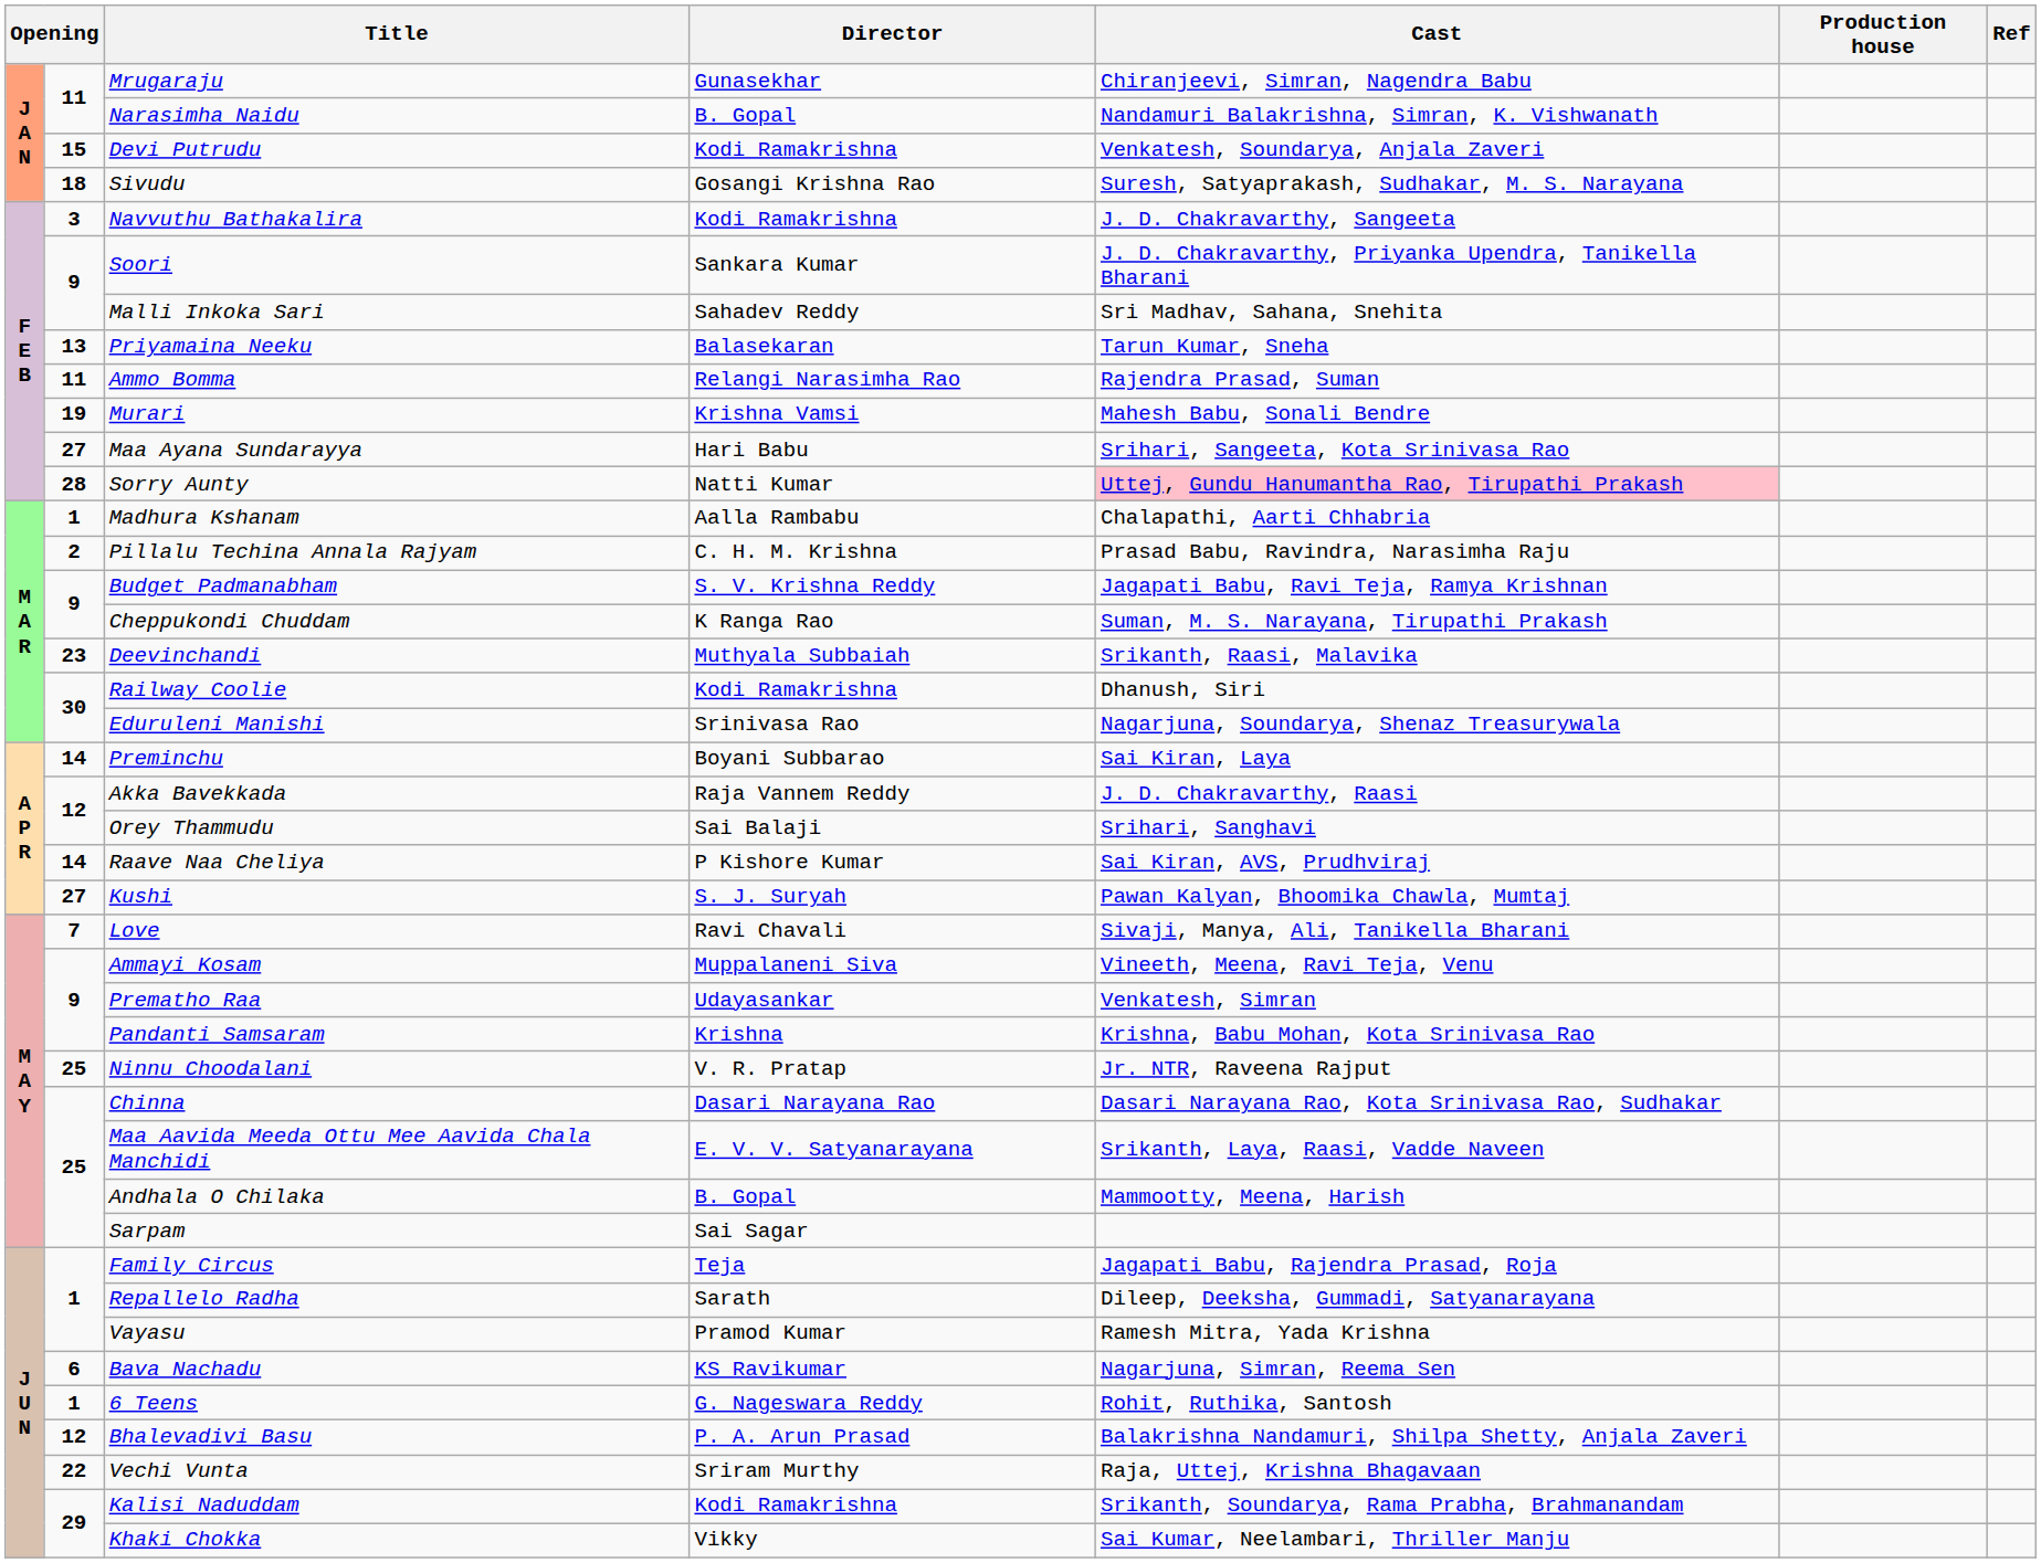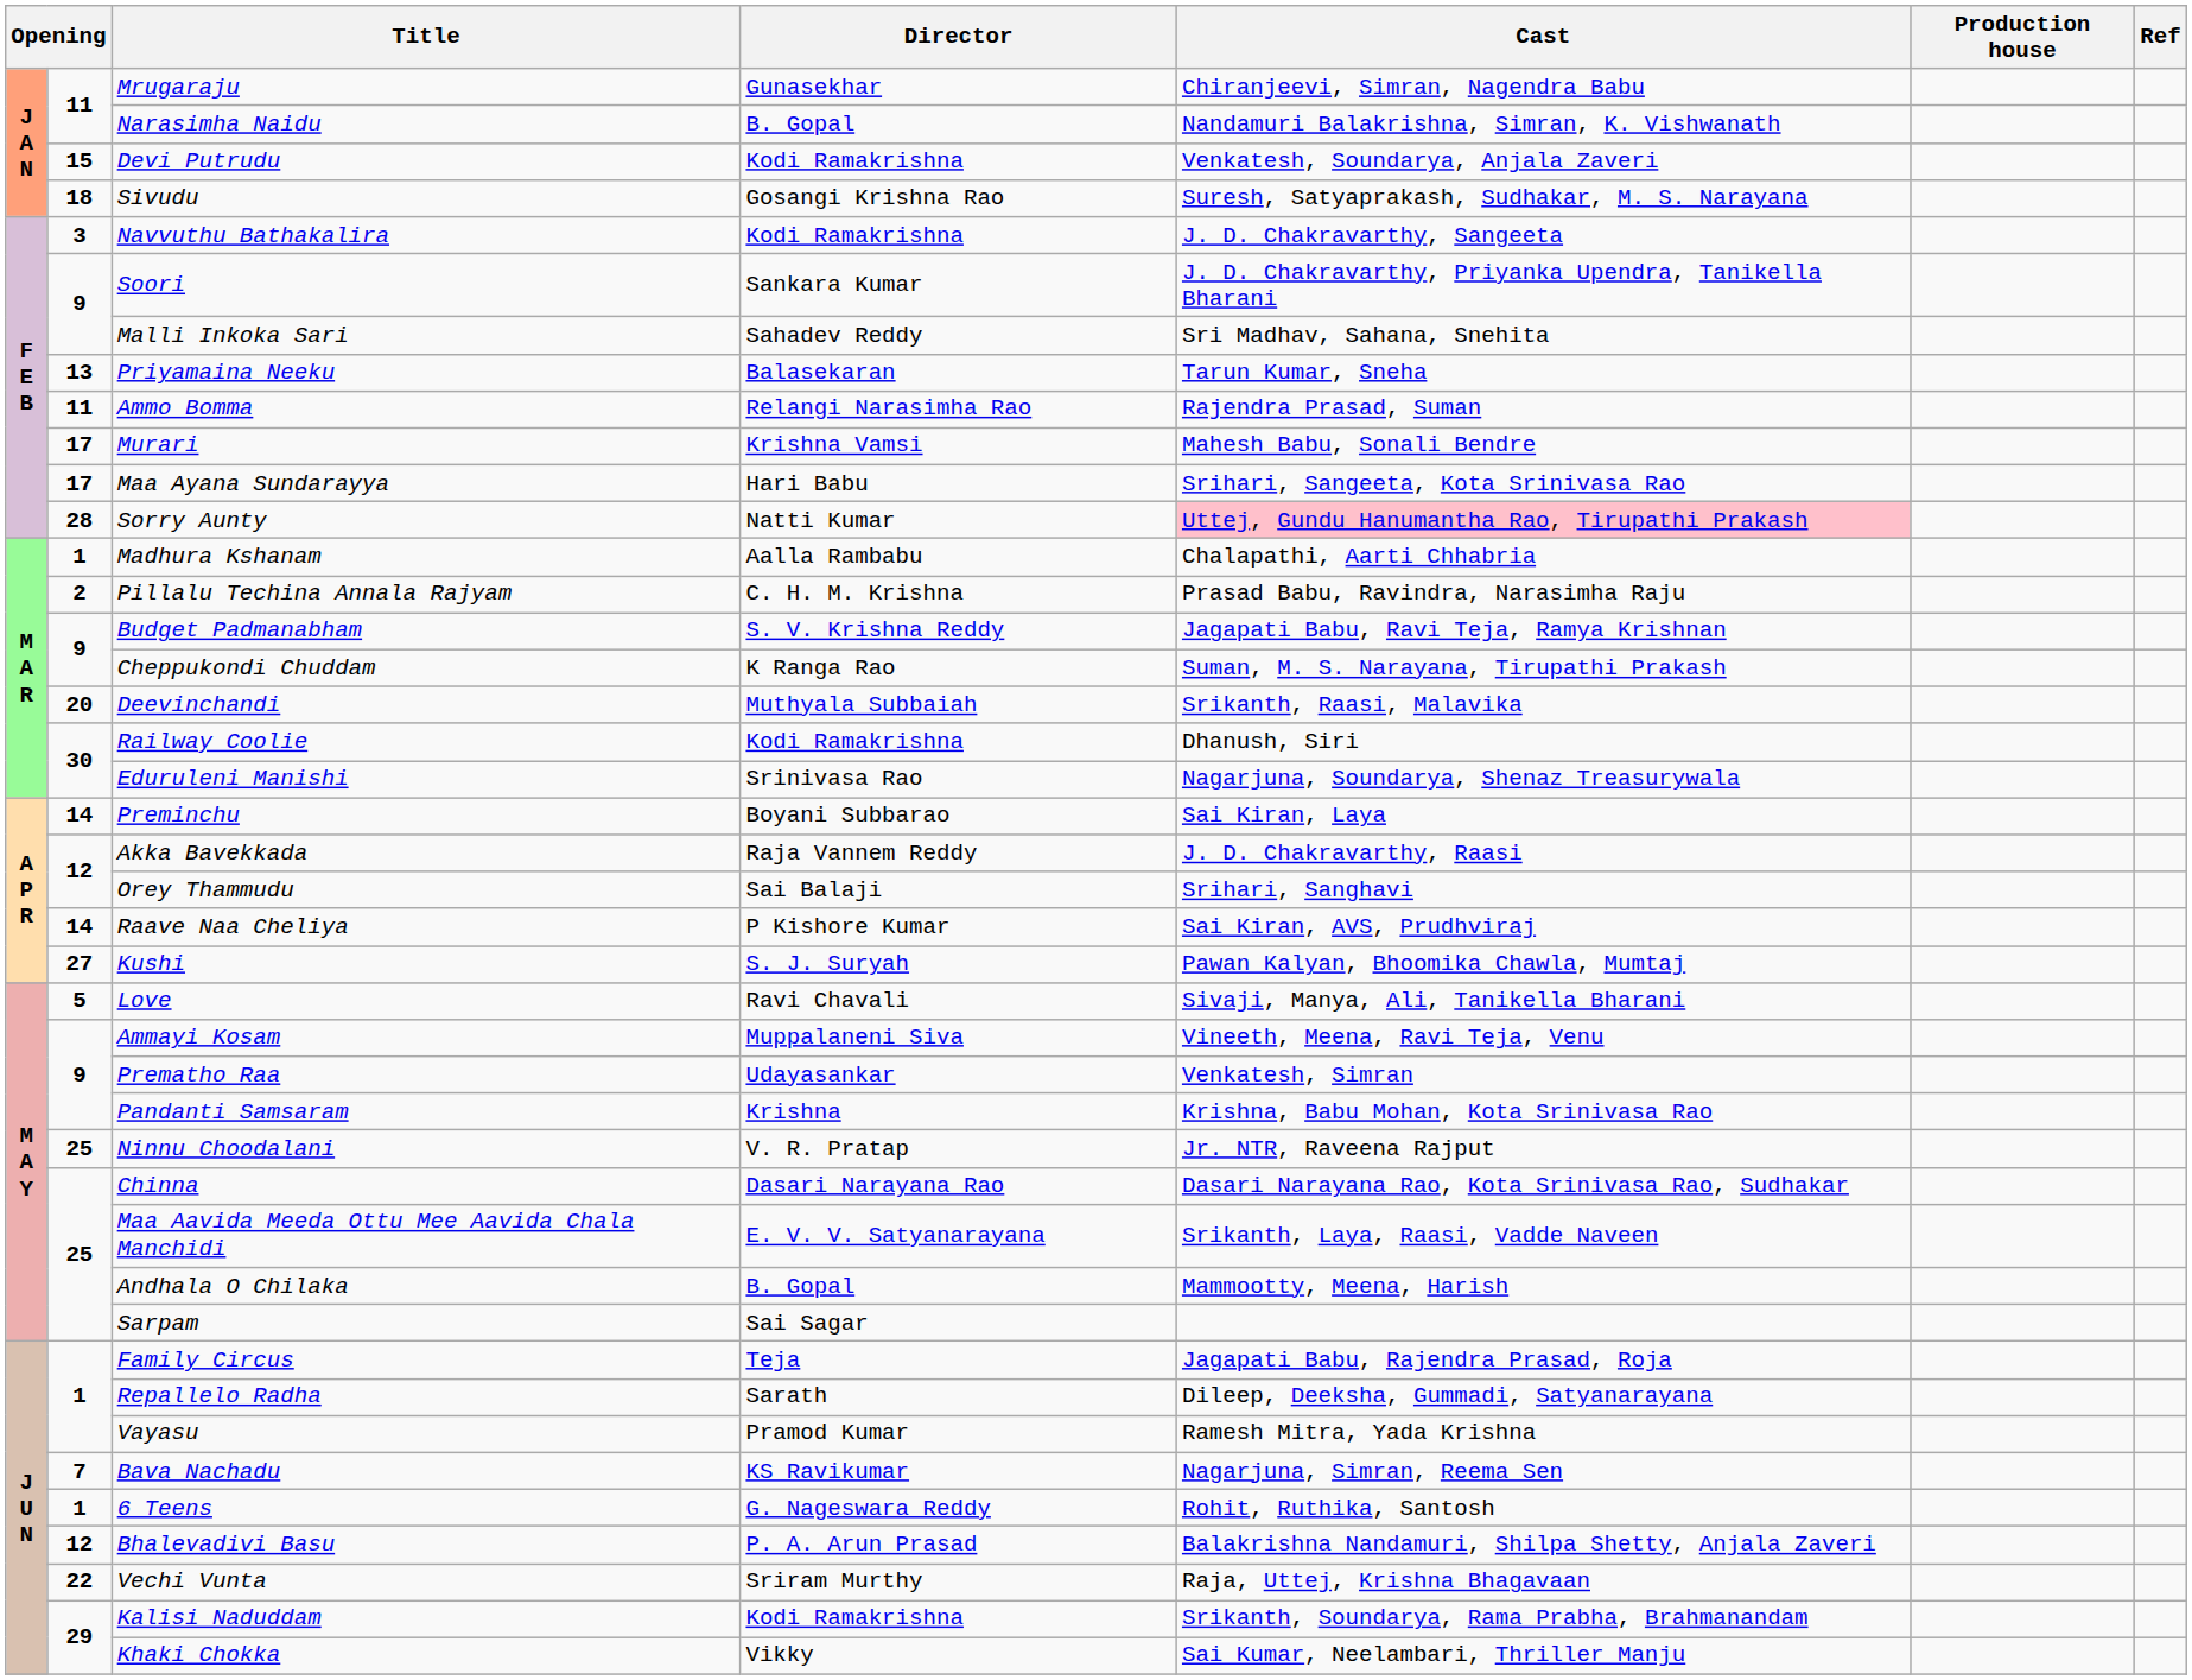 <table class="wikitable sortable">
 <tr style="background:#blue; text-align:center;">
 <th colspan="2">Opening</th>
 <th>Title</th>
 <th style="width:20%;"><strong>Director</strong></th>
 <th>Cast</th>
 <th>Production house</th>
 <th>Ref</th>
 </tr>
 <tr January!>
 <td rowspan="4" style="text-align:center; background:#FFA07A; textcolor:#000;"><strong>J<br>A<br>N</strong></td>
 <td rowspan="2" style="text-align:center;"><strong>11</strong></td>
 <td><em><a href='#'>Mrugaraju</a></em></td>
 <td><a href='#'>Gunasekhar</a></td>
 <td><a href='#'>Chiranjeevi</a>, <a href='#'>Simran</a>, <a href='#'>Nagendra Babu</a></td>
 <td></td>
 <td></td>
 </tr>
 <tr>
 <td><em><a href='#'>Narasimha Naidu</a></em></td>
 <td><a href='#'>B. Gopal</a></td>
 <td><a href='#'>Nandamuri Balakrishna</a>, <a href='#'>Simran</a>, <a href='#'>K. Vishwanath</a></td>
 <td></td>
 <td></td>
 </tr>
 <tr>
 <td rowspan="1" style="text-align:center;"><strong>15</strong></td>
 <td><em><a href='#'>Devi Putrudu</a></em></td>
 <td><a href='#'>Kodi Ramakrishna</a></td>
 <td><a href='#'>Venkatesh</a>, <a href='#'>Soundarya</a>, <a href='#'>Anjala Zaveri</a></td>
 <td></td>
 <td></td>
 </tr>
 <tr>
 <td rowspan="1" style="text-align:center;"><strong>18</strong></td>
 <td><em>Sivudu</em></td>
 <td>Gosangi Krishna Rao</td>
 <td><a href='#'>Suresh</a>, Satyaprakash, <a href='#'>Sudhakar</a>, <a href='#'>M. S. Narayana</a></td>
 <td></td>
 <td></td>
 </tr>
 <tr February!>
 <td rowspan="8" style="background:#D8BFD8; textcolor:#000;" valign="center" align="center"><strong>F<br>E<br>B</strong></td>
 <td rowspan="1" align="center"><strong>3</strong></td>
 <td><em><a href='#'>Navvuthu Bathakalira</a></em></td>
 <td><a href='#'>Kodi Ramakrishna</a></td>
 <td><a href='#'>J. D. Chakravarthy</a>, <a href='#'>Sangeeta</a></td>
 <td></td>
 <td></td>
 </tr>
 <tr>
 <td rowspan="2" style="text-align:center;"><strong>9</strong></td>
 <td><em><a href='#'>Soori</a></em></td>
 <td>Sankara Kumar</td>
 <td><a href='#'>J. D. Chakravarthy</a>, <a href='#'>Priyanka Upendra</a>, <a href='#'>Tanikella Bharani</a></td>
 <td></td>
 <td></td>
 </tr>
 <tr>
 <td><em>Malli Inkoka Sari</em></td>
 <td>Sahadev Reddy</td>
 <td>Sri Madhav, Sahana, Snehita</td>
 <td></td>
 <td></td>
 </tr>
 <tr>
 <td rowspan="1" style="text-align:center;"><strong>13</strong></td>
 <td><em><a href='#'>Priyamaina Neeku</a></em></td>
 <td><a href='#'>Balasekaran</a></td>
 <td><a href='#'>Tarun Kumar</a>, <a href='#'>Sneha</a></td>
 <td></td>
 <td></td>
 </tr>
 <tr>
 <td rowspan="1" style="text-align:center;"><strong>11</strong></td>
 <td><em><a href='#'>Ammo Bomma</a></em></td>
 <td><a href='#'>Relangi Narasimha Rao</a></td>
 <td><a href='#'>Rajendra Prasad</a>, <a href='#'>Suman</a></td>
 <td></td>
 <td></td>
 </tr>
 <tr>
-<td rowspan="1" style="text-align:center;"><strong>19</strong></td>
+<td rowspan="1" style="text-align:center;"><strong>17</strong></td>
 <td><em><a href='#'>Murari</a></em></td>
 <td><a href='#'>Krishna Vamsi</a></td>
 <td><a href='#'>Mahesh Babu</a>, <a href='#'>Sonali Bendre</a></td>
 <td></td>
 <td></td>
 </tr>
 <tr>
-<td rowspan="1" style="text-align:center;"><strong>27</strong></td>
+<td rowspan="1" style="text-align:center;"><strong>17</strong></td>
 <td><em>Maa Ayana Sundarayya</em></td>
 <td>Hari Babu</td>
 <td><a href='#'>Srihari</a>, <a href='#'>Sangeeta</a>, <a href='#'>Kota Srinivasa Rao</a></td>
 <td></td>
 <td></td>
 </tr>
 <tr>
 <td rowspan="1" style="text-align:center;"><strong>28</strong></td>
 <td><em>Sorry Aunty</em></td>
 <td>Natti Kumar</td>
 <td style="background: pink;"><a href='#'>Uttej</a>, <a href='#'>Gundu Hanumantha Rao</a>, <a href='#'>Tirupathi Prakash</a></td>
 <td></td>
 </tr>
 <tr March!>
 <td rowspan="7" style="background:#98FB98; textcolor:#000;" valign="center" align="center"><strong>M<br>A<br>R</strong></td>
 <td rowspan="1" align="center"><strong>1</strong></td>
 <td><em>Madhura Kshanam</em></td>
 <td>Aalla Rambabu</td>
 <td>Chalapathi, <a href='#'>Aarti Chhabria</a></td>
 <td></td>
 <td></td>
 </tr>
 <tr>
 <td rowspan="1" align="center"><strong>2</strong></td>
 <td><em>Pillalu Techina Annala Rajyam</em></td>
 <td>C. H. M. Krishna</td>
 <td>Prasad Babu, Ravindra, Narasimha Raju</td>
 <td></td>
 <td></td>
 </tr>
 <tr>
 <td rowspan="2" align="center"><strong>9</strong></td>
 <td><em><a href='#'>Budget Padmanabham</a></em></td>
 <td><a href='#'>S. V. Krishna Reddy</a></td>
 <td><a href='#'>Jagapati Babu</a>, <a href='#'>Ravi Teja</a>, <a href='#'>Ramya Krishnan</a></td>
 <td></td>
 <td></td>
 </tr>
 <tr>
 <td><em>Cheppukondi Chuddam</em></td>
 <td>K Ranga Rao</td>
 <td><a href='#'>Suman</a>, <a href='#'>M. S. Narayana</a>, <a href='#'>Tirupathi Prakash</a></td>
 <td></td>
 <td></td>
 </tr>
 <tr>
-<td rowspan="1" align="center"><strong>23</strong></td>
+<td rowspan="1" align="center"><strong>20</strong></td>
 <td><em><a href='#'>Deevinchandi</a></em></td>
 <td><a href='#'>Muthyala Subbaiah</a></td>
 <td><a href='#'>Srikanth</a>, <a href='#'>Raasi</a>, <a href='#'>Malavika</a></td>
 <td></td>
 <td></td>
 </tr>
 <tr>
 <td rowspan="2" style="text-align:center;"><strong>30</strong></td>
 <td><em><a href='#'>Railway Coolie</a></em></td>
 <td><a href='#'>Kodi Ramakrishna</a></td>
 <td>Dhanush, Siri</td>
 <td></td>
 <td></td>
 </tr>
 <tr>
 <td><em><a href='#'>Eduruleni Manishi</a></em></td>
 <td>Srinivasa Rao</td>
 <td><a href='#'>Nagarjuna</a>, <a href='#'>Soundarya</a>, <a href='#'>Shenaz Treasurywala</a></td>
 <td></td>
 <td></td>
 </tr>
 <tr April!>
 <td rowspan="5" style="background:#FFDEAD; textcolor:#000;" valign="center" align="center"><strong>A<br>P<br>R</strong></td>
 <td rowspan="1" align="center"><strong>14</strong></td>
 <td><em><a href='#'>Preminchu</a></em></td>
 <td>Boyani Subbarao</td>
 <td><a href='#'>Sai Kiran</a>, <a href='#'>Laya</a></td>
 <td></td>
 <td></td>
 </tr>
 <tr>
 <td rowspan="2" align="center"><strong>12</strong></td>
 <td><em>Akka Bavekkada</em></td>
 <td>Raja Vannem Reddy</td>
 <td><a href='#'>J. D. Chakravarthy</a>, <a href='#'>Raasi</a></td>
 <td></td>
 <td></td>
 </tr>
 <tr>
 <td><em>Orey Thammudu</em></td>
 <td>Sai Balaji</td>
 <td><a href='#'>Srihari</a>, <a href='#'>Sanghavi</a></td>
 <td></td>
 <td></td>
 </tr>
 <tr>
 <td rowspan="1" style="text-align:center;"><strong>14</strong></td>
 <td><em>Raave Naa Cheliya</em></td>
 <td>P Kishore Kumar</td>
 <td><a href='#'>Sai Kiran</a>, <a href='#'>AVS</a>, <a href='#'>Prudhviraj</a></td>
 <td></td>
 <td></td>
 </tr>
 <tr>
 <td rowspan="1" align="center"><strong>27</strong></td>
 <td><em><a href='#'>Kushi</a></em></td>
 <td><a href='#'>S. J. Suryah</a></td>
 <td><a href='#'>Pawan Kalyan</a>, <a href='#'>Bhoomika Chawla</a>, <a href='#'>Mumtaj</a></td>
 <td></td>
 <td></td>
 </tr>
 <tr May!>
 <td rowspan="9" style="background:#edafaf; textcolor:#000;" valign="center" align="center"><strong>M<br>A<br>Y</strong></td>
-<td rowspan="1" align="center"><strong>7</strong></td>
+<td rowspan="1" align="center"><strong>5</strong></td>
 <td><em><a href='#'>Love</a></em></td>
 <td>Ravi Chavali</td>
 <td><a href='#'>Sivaji</a>, Manya, <a href='#'>Ali</a>, <a href='#'>Tanikella Bharani</a></td>
 <td></td>
 <td></td>
 </tr>
 <tr>
 <td rowspan="3" style="text-align:center;"><strong>9</strong></td>
 <td><em><a href='#'>Ammayi Kosam</a></em></td>
 <td><a href='#'>Muppalaneni Siva</a></td>
 <td><a href='#'>Vineeth</a>, <a href='#'>Meena</a>, <a href='#'>Ravi Teja</a>, <a href='#'>Venu</a></td>
 <td></td>
 <td></td>
 </tr>
 <tr>
 <td><em><a href='#'>Prematho Raa</a></em></td>
 <td><a href='#'>Udayasankar</a></td>
 <td><a href='#'>Venkatesh</a>, <a href='#'>Simran</a></td>
 <td></td>
 <td></td>
 </tr>
 <tr>
 <td><em><a href='#'>Pandanti Samsaram</a></em></td>
 <td><a href='#'>Krishna</a></td>
 <td><a href='#'>Krishna</a>, <a href='#'>Babu Mohan</a>, <a href='#'>Kota Srinivasa Rao</a></td>
 <td></td>
 <td></td>
 </tr>
 <tr>
 <td rowspan="1" style="text-align:center;"><strong>25</strong></td>
 <td><em><a href='#'>Ninnu Choodalani</a></em></td>
 <td>V. R. Pratap</td>
 <td><a href='#'>Jr. NTR</a>, Raveena Rajput</td>
 <td></td>
 <td></td>
 </tr>
 <tr>
 <td rowspan="4" style="text-align:center;"><strong>25</strong></td>
 <td><em><a href='#'>Chinna</a></em></td>
 <td><a href='#'>Dasari Narayana Rao</a></td>
 <td><a href='#'>Dasari Narayana Rao</a>, <a href='#'>Kota Srinivasa Rao</a>, <a href='#'>Sudhakar</a></td>
 <td></td>
 <td></td>
 </tr>
 <tr>
 <td><em><a href='#'>Maa Aavida Meeda Ottu Mee Aavida Chala Manchidi</a></em></td>
 <td><a href='#'>E. V. V. Satyanarayana</a></td>
 <td><a href='#'>Srikanth</a>, <a href='#'>Laya</a>, <a href='#'>Raasi</a>, <a href='#'>Vadde Naveen</a></td>
 <td></td>
 <td></td>
 </tr>
 <tr>
 <td><em>Andhala O Chilaka</em></td>
 <td><a href='#'>B. Gopal</a></td>
 <td><a href='#'>Mammootty</a>, <a href='#'>Meena</a>, <a href='#'>Harish</a></td>
 <td></td>
 <td></td>
 </tr>
 <tr>
 <td><em>Sarpam</em></td>
 <td>Sai Sagar</td>
 <td></td>
 <td></td>
 <td></td>
 </tr>
 <tr June!>
 <td rowspan="10" valign="center" align="center" style="background:#d9c1b0; textcolor:#000;"><strong>J<br>U<br>N</strong></td>
 <td rowspan="3" align="center"><strong> 1</strong></td>
 <td><em><a href='#'>Family Circus</a></em></td>
 <td><a href='#'>Teja</a></td>
 <td><a href='#'>Jagapati Babu</a>, <a href='#'>Rajendra Prasad</a>, <a href='#'>Roja</a></td>
 <td></td>
 <td></td>
 </tr>
 <tr>
 <td><em><a href='#'>Repallelo Radha</a></em></td>
 <td>Sarath</td>
 <td>Dileep, <a href='#'>Deeksha</a>, <a href='#'>Gummadi</a>, <a href='#'>Satyanarayana</a></td>
 <td></td>
 <td></td>
 </tr>
 <tr>
 <td><em>Vayasu</em></td>
 <td>Pramod Kumar</td>
 <td>Ramesh Mitra, Yada Krishna</td>
 <td></td>
 <td></td>
 </tr>
 <tr>
-<td rowspan="1" style="text-align:center;"><strong>6</strong></td>
+<td rowspan="1" style="text-align:center;"><strong>7</strong></td>
 <td><em><a href='#'>Bava Nachadu</a></em></td>
 <td><a href='#'>KS Ravikumar</a></td>
 <td><a href='#'>Nagarjuna</a>, <a href='#'>Simran</a>, <a href='#'>Reema Sen</a></td>
 <td></td>
 <td></td>
 </tr>
 <tr>
 <td rowspan="1" style="text-align:center;"><strong>1</strong></td>
 <td><em><a href='#'>6 Teens</a></em></td>
 <td><a href='#'>G. Nageswara Reddy</a></td>
 <td><a href='#'>Rohit</a>, <a href='#'>Ruthika</a>, Santosh</td>
 <td></td>
 <td></td>
 </tr>
 <tr>
 <td rowspan="1" style="text-align:center;"><strong>12</strong></td>
 <td><em><a href='#'>Bhalevadivi Basu</a></em></td>
 <td><a href='#'>P. A. Arun Prasad</a></td>
 <td><a href='#'>Balakrishna Nandamuri</a>, <a href='#'>Shilpa Shetty</a>, <a href='#'>Anjala Zaveri</a></td>
 <td></td>
 <td></td>
 </tr>
 <tr>
 <td rowspan="1" align="center"><strong>22</strong></td>
 <td><em>Vechi Vunta</em></td>
 <td>Sriram Murthy</td>
 <td>Raja, <a href='#'>Uttej</a>, <a href='#'>Krishna Bhagavaan</a></td>
 <td></td>
 <td></td>
 </tr>
 <tr>
 <td rowspan="2" style="text-align:center;"><strong>29</strong></td>
 <td><em><a href='#'>Kalisi Naduddam</a></em></td>
 <td><a href='#'>Kodi Ramakrishna</a></td>
 <td><a href='#'>Srikanth</a>, <a href='#'>Soundarya</a>, <a href='#'>Rama Prabha</a>, <a href='#'>Brahmanandam</a></td>
 <td></td>
 <td></td>
 </tr>
 <tr>
 <td><em><a href='#'>Khaki Chokka</a></em></td>
 <td>Vikky</td>
 <td><a href='#'>Sai Kumar</a>, Neelambari, <a href='#'>Thriller Manju</a></td>
 <td></td>
 <td></td>
 </tr>
 </table>
